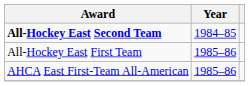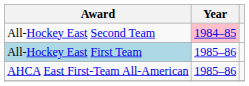 <table class="wikitable">
 <tr>
 <th>Award</th>
 <th>Year</th>
 <th></th>
 </tr>
 <tr>
-<td><strong>All-<a href='#'>Hockey East</a> <a href='#'>Second Team</a></strong></td>
-<td><a href='#'>1984–85</a></td>
+<td>All-<a href='#'>Hockey East</a> <a href='#'>Second Team</a></td>
+<td style="background: pink;"><a href='#'>1984–85</a></td>
 <td></td>
 </tr>
 <tr>
-<td>All-<a href='#'>Hockey East</a> <a href='#'>First Team</a></td>
+<td style="background: lightblue;">All-<a href='#'>Hockey East</a> <a href='#'>First Team</a></td>
 <td><a href='#'>1985–86</a></td>
 <td></td>
 </tr>
 <tr>
 <td><a href='#'>AHCA</a> <a href='#'>East First-Team All-American</a></td>
 <td><a href='#'>1985–86</a></td>
 <td></td>
 </tr>
 <tr>
 </tr>
 </table>
